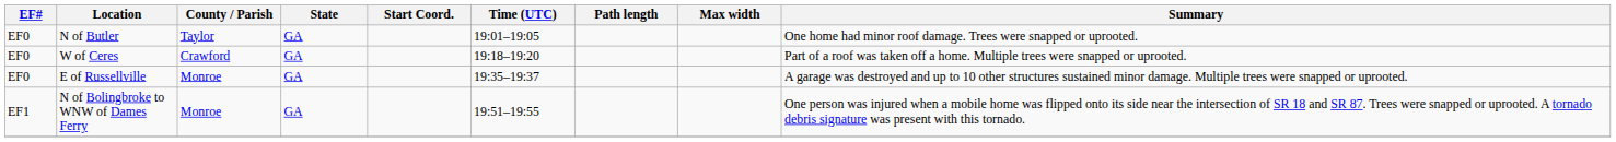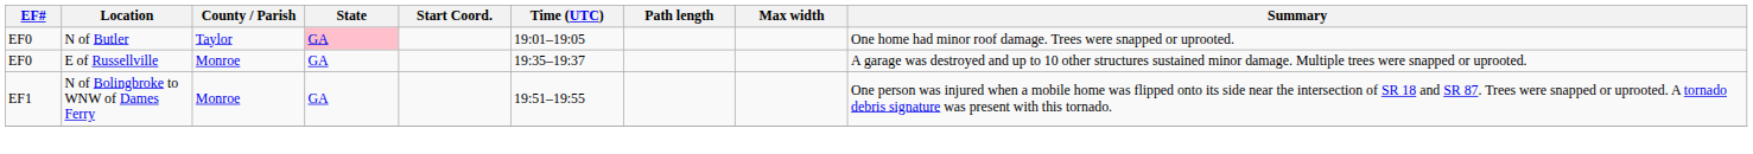 <table class="wikitable sortable" style="width:100%;">
 <tr>
 <th scope="col"  style="width:3%; text-align:center;"><a href='#'>EF#</a></th>
 <th scope="col"  style="width:7%; text-align:center;" class="unsortable">Location</th>
 <th scope="col"  style="width:6%; text-align:center;" class="unsortable">County / Parish</th>
 <th scope="col"  style="width:5%; text-align:center;">State</th>
 <th scope="col"  style="width:6%; text-align:center;">Start Coord.</th>
 <th scope="col"  style="width:6%; text-align:center;">Time (<a href='#'>UTC</a>)</th>
 <th scope="col"  style="width:6%; text-align:center;">Path length</th>
 <th scope="col"  style="width:6%; text-align:center;">Max width</th>
 <th scope="col" class="unsortable" style="width:48%; text-align:center;">Summary</th>
 </tr>
 <tr>
 <td>EF0</td>
 <td>N of <a href='#'>Butler</a></td>
 <td><a href='#'>Taylor</a></td>
-<td><a href='#'>GA</a></td>
+<td style="background: pink;"><a href='#'>GA</a></td>
 <td></td>
 <td>19:01–19:05</td>
 <td></td>
 <td></td>
 <td>One home had minor roof damage. Trees were snapped or uprooted.</td>
-</tr>
-<tr>
-<td>EF0</td>
-<td>W of <a href='#'>Ceres</a></td>
-<td><a href='#'>Crawford</a></td>
-<td><a href='#'>GA</a></td>
-<td></td>
-<td>19:18–19:20</td>
-<td></td>
-<td></td>
-<td>Part of a roof was taken off a home. Multiple trees were snapped or uprooted.</td>
 </tr>
 <tr>
 <td>EF0</td>
 <td>E of <a href='#'>Russellville</a></td>
 <td><a href='#'>Monroe</a></td>
 <td><a href='#'>GA</a></td>
 <td></td>
 <td>19:35–19:37</td>
 <td></td>
 <td></td>
 <td>A garage was destroyed and up to 10 other structures sustained minor damage. Multiple trees were snapped or uprooted.</td>
 </tr>
 <tr>
 <td>EF1</td>
 <td>N of <a href='#'>Bolingbroke</a> to WNW of <a href='#'>Dames Ferry</a></td>
 <td><a href='#'>Monroe</a></td>
 <td><a href='#'>GA</a></td>
 <td></td>
 <td>19:51–19:55</td>
 <td></td>
 <td></td>
 <td>One person was injured when a mobile home was flipped onto its side near the intersection of <a href='#'>SR 18</a> and <a href='#'>SR 87</a>. Trees were snapped or uprooted. A <a href='#'>tornado debris signature</a> was present with this tornado.</td>
 </tr>
 <tr>
 </tr>
 </table>
